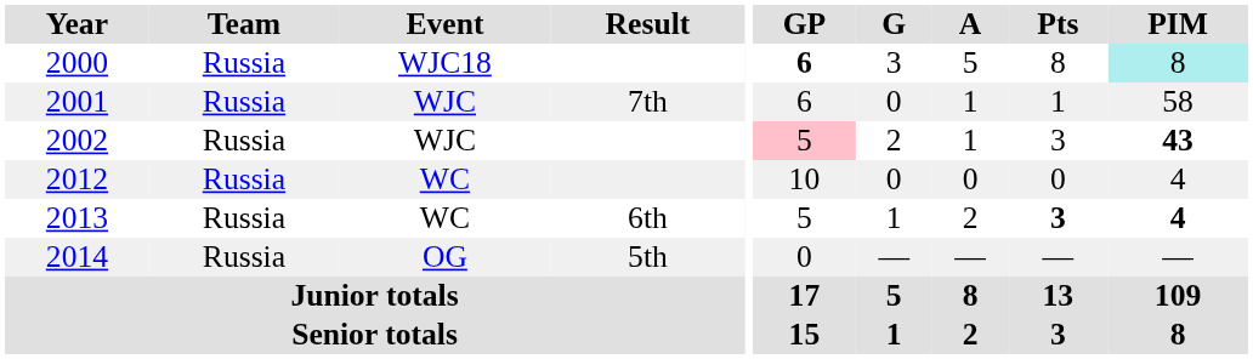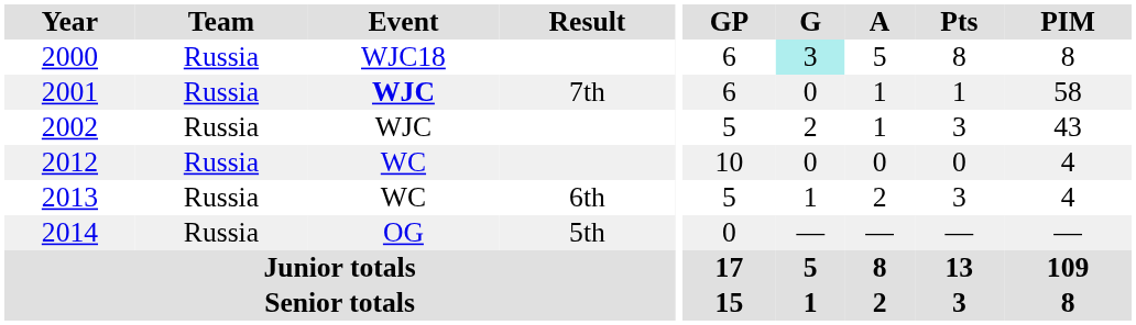 <table border="0" cellpadding="1" cellspacing="0" ID="Table3" style="text-align:center; width:40em">
 <tr ALIGN="center" bgcolor="#e0e0e0">
 <th>Year</th>
 <th>Team</th>
 <th>Event</th>
 <th>Result</th>
 <th rowspan="99" bgcolor="#ffffff"></th>
 <th>GP</th>
 <th>G</th>
 <th>A</th>
 <th>Pts</th>
 <th>PIM</th>
 </tr>
 <tr>
 <td><a href='#'>2000</a></td>
 <td><a href='#'>Russia</a></td>
 <td><a href='#'>WJC18</a></td>
 <td></td>
-<td><strong>6</strong></td>
-<td>3</td>
+<td>6</td>
+<td style="background: paleturquoise;">3</td>
 <td>5</td>
 <td>8</td>
-<td style="background: paleturquoise;">8</td>
+<td>8</td>
 </tr>
 <tr bgcolor="#f0f0f0">
 <td><a href='#'>2001</a></td>
 <td><a href='#'>Russia</a></td>
-<td><a href='#'>WJC</a></td>
+<td><strong><a href='#'>WJC</a></strong></td>
 <td>7th</td>
 <td>6</td>
 <td>0</td>
 <td>1</td>
 <td>1</td>
 <td>58</td>
 </tr>
 <tr>
 <td><a href='#'>2002</a></td>
 <td>Russia</td>
 <td>WJC</td>
 <td></td>
-<td style="background: pink;">5</td>
+<td>5</td>
 <td>2</td>
 <td>1</td>
 <td>3</td>
-<td><strong>43</strong></td>
+<td>43</td>
 </tr>
 <tr bgcolor="#f0f0f0">
 <td><a href='#'>2012</a></td>
 <td><a href='#'>Russia</a></td>
 <td><a href='#'>WC</a></td>
 <td></td>
 <td>10</td>
 <td>0</td>
 <td>0</td>
 <td>0</td>
 <td>4</td>
 </tr>
 <tr>
 <td><a href='#'>2013</a></td>
 <td>Russia</td>
 <td>WC</td>
 <td>6th</td>
 <td>5</td>
 <td>1</td>
 <td>2</td>
-<td><strong>3</strong></td>
-<td><strong>4</strong></td>
+<td>3</td>
+<td>4</td>
 </tr>
 <tr bgcolor="#f0f0f0">
 <td><a href='#'>2014</a></td>
 <td>Russia</td>
 <td><a href='#'>OG</a></td>
 <td>5th</td>
 <td>0</td>
 <td>—</td>
 <td>—</td>
 <td>—</td>
 <td>—</td>
 </tr>
 <tr bgcolor="#e0e0e0">
 <th colspan="4">Junior totals</th>
 <th>17</th>
 <th>5</th>
 <th>8</th>
 <th>13</th>
 <th>109</th>
 </tr>
 <tr bgcolor="#e0e0e0">
 <th colspan="4">Senior totals</th>
 <th>15</th>
 <th>1</th>
 <th>2</th>
 <th>3</th>
 <th>8</th>
 </tr>
 </table>
